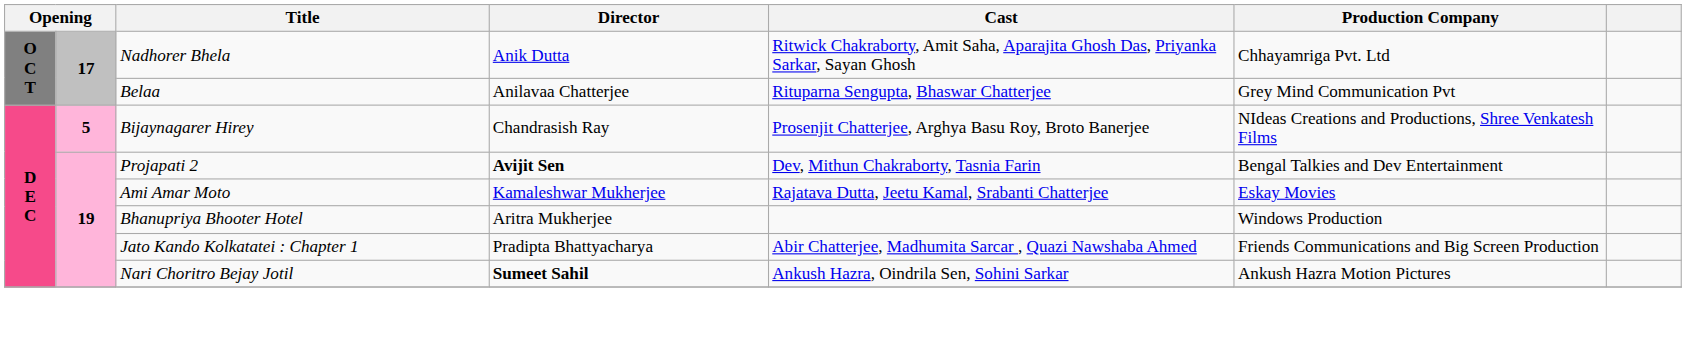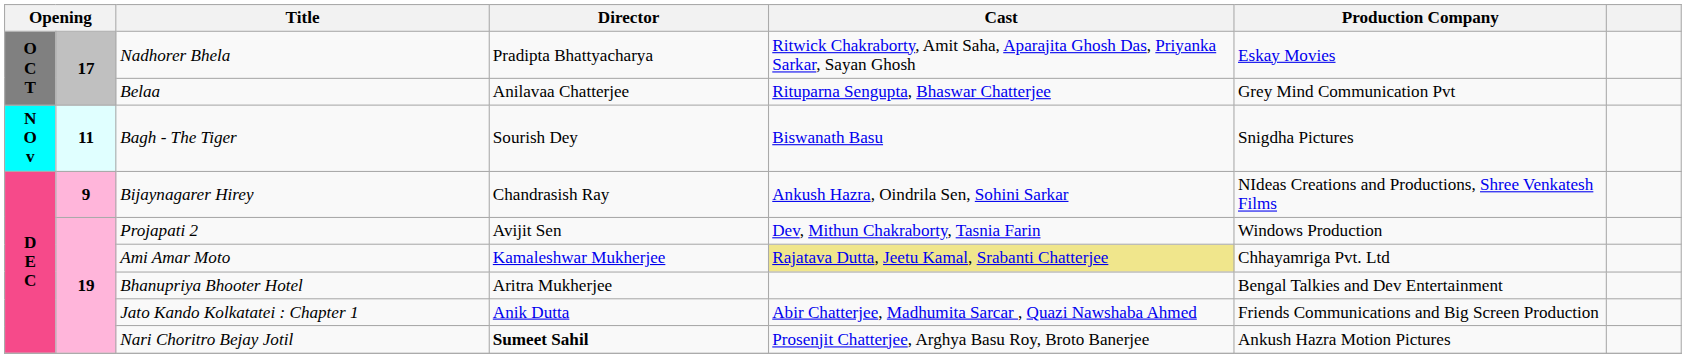 <table class="wikitable sortable">
 <tr>
 <th colspan="2" style="width:6%;"><strong>Opening</strong></th>
 <th style="width:20%;">Title</th>
 <th style="width:15%;">Director</th>
 <th style="width:25%;">Cast</th>
 <th style="width:20%;">Production Company</th>
 <th style="width:4%;"><strong></strong></th>
 </tr>
 <tr>
 <th rowspan="2" style="text-align:center; background:#808080; textcolor:#000;"><strong>O<br>C<br>T</strong></th>
 <td rowspan="2" style="text-align:center;background:#C0C0C0;"><strong>17</strong></td>
 <td><em>Nadhorer Bhela</em></td>
-<td><a href='#'>Anik Dutta</a></td>
+<td>Pradipta Bhattyacharya</td>
 <td><a href='#'>Ritwick Chakraborty</a>, Amit Saha,  <a href='#'>Aparajita Ghosh Das</a>, <a href='#'>Priyanka Sarkar</a>, Sayan Ghosh</td>
-<td>Chhayamriga Pvt. Ltd</td>
+<td><a href='#'>Eskay Movies</a></td>
 <td></td>
 </tr>
 <tr>
 <td><em>Belaa</em></td>
 <td>Anilavaa Chatterjee</td>
 <td><a href='#'>Rituparna Sengupta</a>, <a href='#'>Bhaswar Chatterjee</a></td>
 <td>Grey Mind Communication Pvt</td>
 <td></td>
 </tr>
 <tr>
+<td rowspan="1" style="text-align:center; background:#0ff;"><strong>N<br>O<br>v</strong></td>
+<td rowspan="1" style="text-align:center; background:#e0ffff;"><strong>11</strong></td>
+<td><em>Bagh - The Tiger</em></td>
+<td>Sourish Dey</td>
+<td><a href='#'>Biswanath Basu</a></td>
+<td>Snigdha Pictures</td>
+<td></td>
+</tr>
+<tr>
 <th rowspan="6" style="text-align:center; background:#f64a8a;"><strong>D<br>E<br>C</strong></th>
-<td rowspan="1" style="text-align:center;background:#ffb5da;"><strong>5</strong></td>
+<td rowspan="1" style="text-align:center;background:#ffb5da;"><strong>9</strong></td>
 <td><em>Bijaynagarer Hirey</em></td>
 <td>Chandrasish Ray</td>
-<td><a href='#'>Prosenjit Chatterjee</a>, Arghya Basu Roy, Broto Banerjee</td>
+<td><a href='#'>Ankush Hazra</a>, Oindrila Sen, <a href='#'>Sohini Sarkar</a></td>
 <td>NIdeas Creations and Productions, <a href='#'>Shree Venkatesh Films</a></td>
 <td></td>
 </tr>
 <tr>
 <td rowspan="5" style="text-align:center;background:#ffb5da;"><strong>19</strong></td>
 <td><em>Projapati  2</em></td>
-<td><strong>Avijit Sen</strong></td>
+<td>Avijit Sen</td>
 <td><a href='#'> Dev</a>, <a href='#'>Mithun Chakraborty</a>, <a href='#'>Tasnia Farin</a></td>
-<td>Bengal Talkies and Dev Entertainment</td>
+<td>Windows Production</td>
 <td></td>
 </tr>
 <tr>
 <td><em>Ami Amar Moto</em></td>
 <td><a href='#'>Kamaleshwar Mukherjee</a></td>
-<td><a href='#'>Rajatava Dutta</a>, <a href='#'>Jeetu Kamal</a>, <a href='#'>Srabanti Chatterjee</a></td>
-<td><a href='#'>Eskay Movies</a></td>
+<td style="background: khaki;"><a href='#'>Rajatava Dutta</a>, <a href='#'>Jeetu Kamal</a>, <a href='#'>Srabanti Chatterjee</a></td>
+<td>Chhayamriga Pvt. Ltd</td>
 <td></td>
 </tr>
 <tr>
 <td><em>Bhanupriya Bhooter Hotel</em></td>
 <td>Aritra Mukherjee</td>
 <td></td>
-<td>Windows Production</td>
+<td>Bengal Talkies and Dev Entertainment</td>
 <td></td>
 </tr>
 <tr>
 <td><em>Jato Kando Kolkatatei : Chapter 1</em></td>
-<td>Pradipta Bhattyacharya</td>
+<td><a href='#'>Anik Dutta</a></td>
 <td><a href='#'>Abir Chatterjee</a>, <a href='#'>Madhumita Sarcar </a>, <a href='#'>Quazi Nawshaba Ahmed</a></td>
 <td>Friends Communications and Big Screen Production</td>
 <td></td>
 </tr>
 <tr>
 <td><em>Nari Choritro Bejay Jotil</em></td>
 <td><strong>Sumeet Sahil</strong></td>
-<td><a href='#'>Ankush Hazra</a>, Oindrila Sen, <a href='#'>Sohini Sarkar</a></td>
+<td><a href='#'>Prosenjit Chatterjee</a>, Arghya Basu Roy, Broto Banerjee</td>
 <td>Ankush Hazra Motion Pictures</td>
 <td></td>
 </tr>
 <tr>
 </tr>
 </table>
